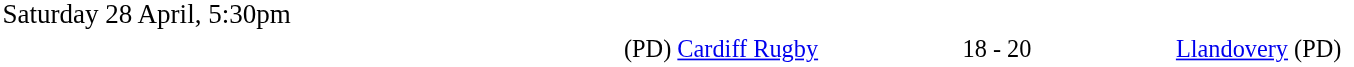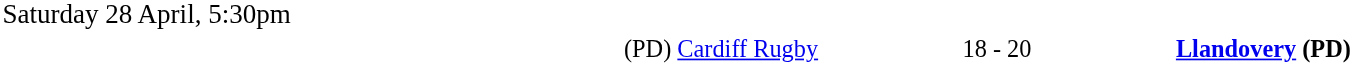 <table style="width:70%;" cellspacing="1">
 <tr>
 <th width=35%></th>
 <th width=15%></th>
 <th></th>
 </tr>
 <tr>
 <td>Saturday 28 April, 5:30pm</td>
 </tr>
 <tr style=font-size:90%>
 <td align=right>(PD) <a href='#'>Cardiff Rugby</a></td>
 <td align=center>18 - 20</td>
-<td><a href='#'>Llandovery</a> (PD)</td>
+<td><strong><a href='#'>Llandovery</a> (PD)</strong></td>
 </tr>
 </table>
